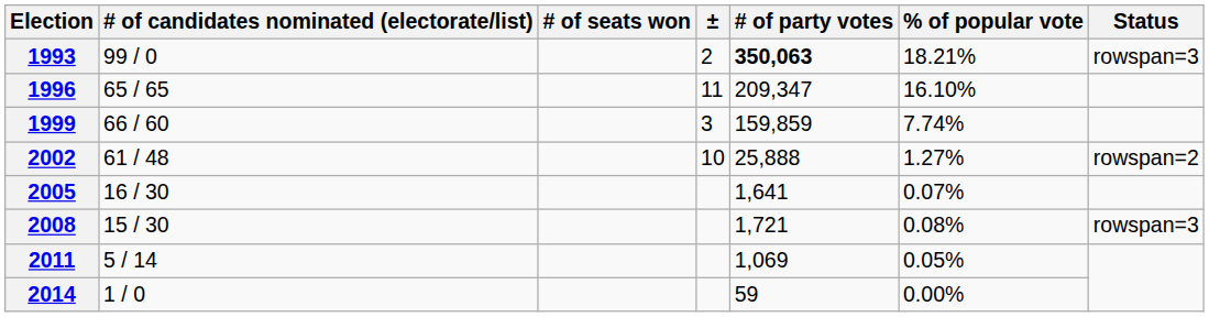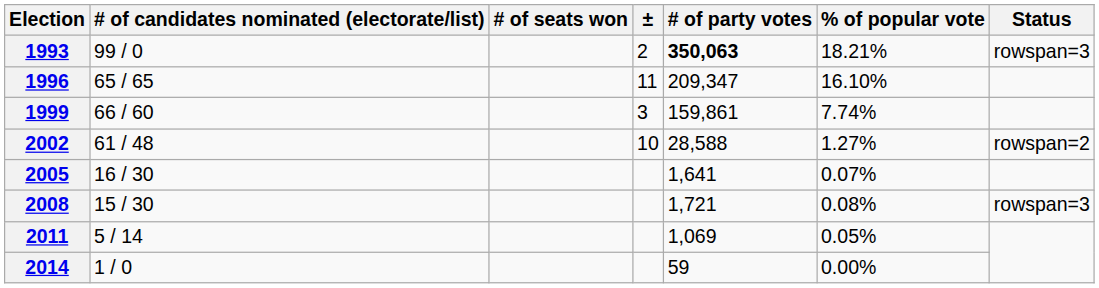 <table class=wikitable>
 <tr>
 <th>Election</th>
 <th># of candidates nominated (electorate/list)</th>
 <th># of seats won</th>
 <th>±</th>
 <th># of party votes</th>
 <th>% of popular vote</th>
 <th>Status</th>
 </tr>
 <tr>
 <th><a href='#'>1993</a></th>
 <td>99 / 0</td>
 <td></td>
 <td> 2</td>
 <td><strong>350,063</strong></td>
 <td>18.21%</td>
 <td>rowspan=3 </td>
 </tr>
 <tr>
 <th><a href='#'>1996</a></th>
 <td>65 / 65</td>
 <td></td>
 <td> 11</td>
 <td>209,347</td>
 <td>16.10%</td>
 </tr>
 <tr>
 <th><a href='#'>1999</a></th>
 <td>66 / 60</td>
 <td></td>
 <td> 3</td>
-<td>159,859</td>
+<td>159,861</td>
 <td>7.74%</td>
 <td></td>
 </tr>
 <tr>
 <th><a href='#'>2002</a></th>
 <td>61 / 48</td>
 <td></td>
 <td> 10</td>
-<td>25,888</td>
+<td>28,588</td>
 <td>1.27%</td>
 <td>rowspan=2 </td>
 </tr>
 <tr>
 <th><a href='#'>2005</a></th>
 <td>16 / 30</td>
 <td></td>
 <td></td>
 <td>1,641</td>
 <td>0.07%</td>
 </tr>
 <tr>
 <th><a href='#'>2008</a></th>
 <td>15 / 30</td>
 <td></td>
 <td></td>
 <td>1,721</td>
 <td>0.08%</td>
 <td>rowspan=3 </td>
 </tr>
 <tr>
 <th><a href='#'>2011</a></th>
 <td>5 / 14</td>
 <td></td>
 <td></td>
 <td>1,069</td>
 <td>0.05%</td>
 </tr>
 <tr>
 <th><a href='#'>2014</a></th>
 <td>1 / 0</td>
 <td></td>
 <td></td>
 <td>59</td>
 <td>0.00%</td>
 </tr>
 </table>
